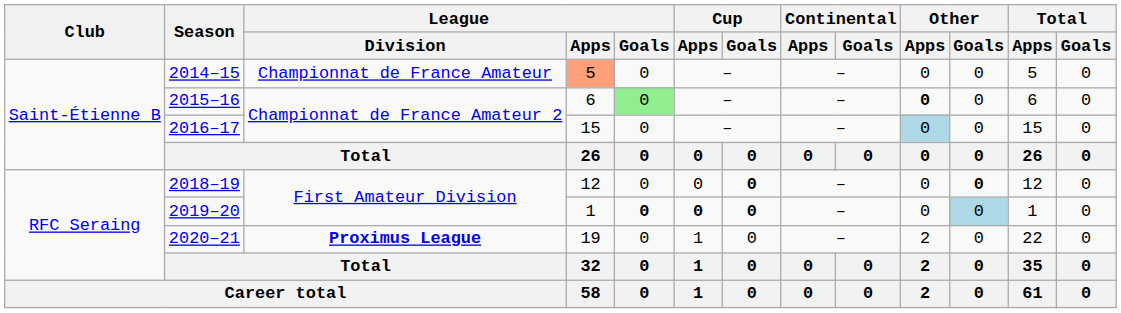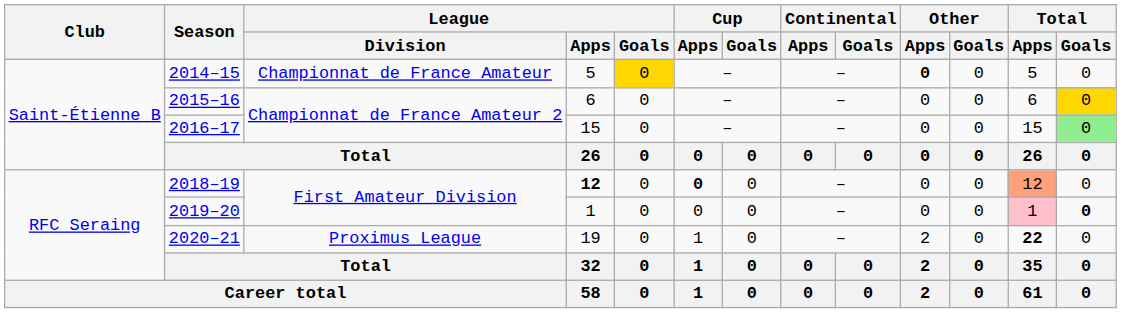 <table class="wikitable" style="text-align: center">
 <tr>
 <th rowspan="2">Club</th>
 <th rowspan="2">Season</th>
 <th colspan="3">League</th>
 <th colspan="2">Cup</th>
 <th colspan="2">Continental</th>
 <th colspan="2">Other</th>
 <th colspan="2">Total</th>
 </tr>
 <tr>
 <th>Division</th>
 <th>Apps</th>
 <th>Goals</th>
 <th>Apps</th>
 <th>Goals</th>
 <th>Apps</th>
 <th>Goals</th>
 <th>Apps</th>
 <th>Goals</th>
 <th>Apps</th>
 <th>Goals</th>
 </tr>
 <tr>
 <td rowspan="4"><a href='#'>Saint-Étienne B</a></td>
 <td><a href='#'>2014–15</a></td>
 <td><a href='#'>Championnat de France Amateur</a></td>
-<td style="background: lightsalmon;">5</td>
-<td>0</td>
+<td>5</td>
+<td style="background: gold;">0</td>
 <td colspan="2">–</td>
 <td colspan="2">–</td>
-<td>0</td>
+<td><strong>0</strong></td>
 <td>0</td>
 <td>5</td>
 <td>0</td>
 </tr>
 <tr>
 <td><a href='#'>2015–16</a></td>
 <td rowspan="2"><a href='#'>Championnat de France Amateur 2</a></td>
 <td>6</td>
-<td style="background: lightgreen;">0</td>
+<td>0</td>
 <td colspan="2">–</td>
 <td colspan="2">–</td>
-<td><strong>0</strong></td>
+<td>0</td>
 <td>0</td>
 <td>6</td>
-<td>0</td>
+<td style="background: gold;">0</td>
 </tr>
 <tr>
 <td><a href='#'>2016–17</a></td>
 <td>15</td>
 <td>0</td>
 <td colspan="2">–</td>
 <td colspan="2">–</td>
-<td style="background: lightblue;">0</td>
+<td>0</td>
 <td>0</td>
 <td>15</td>
-<td>0</td>
+<td style="background: lightgreen;">0</td>
 </tr>
 <tr>
 <th colspan="2"><strong>Total</strong></th>
 <th>26</th>
 <th>0</th>
 <th>0</th>
 <th>0</th>
 <th>0</th>
 <th>0</th>
 <th>0</th>
 <th>0</th>
 <th>26</th>
 <th>0</th>
 </tr>
 <tr>
 <td rowspan="4"><a href='#'>RFC Seraing</a></td>
 <td><a href='#'>2018–19</a></td>
 <td rowspan="2"><a href='#'>First Amateur Division</a></td>
-<td>12</td>
+<td><strong>12</strong></td>
+<td>0</td>
+<td><strong>0</strong></td>
+<td>0</td>
+<td colspan="2">–</td>
 <td>0</td>
 <td>0</td>
-<td><strong>0</strong></td>
-<td colspan="2">–</td>
-<td>0</td>
-<td><strong>0</strong></td>
-<td>12</td>
+<td style="background: lightsalmon;">12</td>
 <td>0</td>
 </tr>
 <tr>
 <td><a href='#'>2019–20</a></td>
 <td>1</td>
-<td><strong>0</strong></td>
-<td><strong>0</strong></td>
-<td><strong>0</strong></td>
+<td>0</td>
+<td>0</td>
+<td>0</td>
 <td colspan="2">–</td>
 <td>0</td>
-<td style="background: lightblue;">0</td>
-<td>1</td>
 <td>0</td>
+<td style="background: pink;">1</td>
+<td><strong>0</strong></td>
 </tr>
 <tr>
 <td><a href='#'>2020–21</a></td>
-<td><strong><a href='#'>Proximus League</a></strong></td>
+<td><a href='#'>Proximus League</a></td>
 <td>19</td>
 <td>0</td>
 <td>1</td>
 <td>0</td>
 <td colspan="2">–</td>
 <td>2</td>
 <td>0</td>
-<td>22</td>
+<td><strong>22</strong></td>
 <td>0</td>
 </tr>
 <tr>
 <th colspan="2"><strong>Total</strong></th>
 <th>32</th>
 <th>0</th>
 <th>1</th>
 <th>0</th>
 <th>0</th>
 <th>0</th>
 <th>2</th>
 <th>0</th>
 <th>35</th>
 <th>0</th>
 </tr>
 <tr>
 <th colspan="3"><strong>Career total</strong></th>
 <th>58</th>
 <th>0</th>
 <th>1</th>
 <th>0</th>
 <th>0</th>
 <th>0</th>
 <th>2</th>
 <th>0</th>
 <th>61</th>
 <th>0</th>
 </tr>
 </table>
